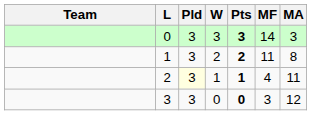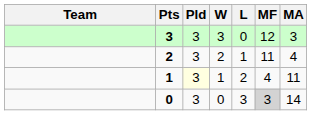 <table class=wikitable style="text-align:center">
 <tr>
 <th width=175>Team</th>
-<th width=20>L</th>
+<th width=20>Pts</th>
 <th width=20>Pld</th>
 <th width=20>W</th>
-<th width=20>Pts</th>
+<th width=20>L</th>
 <th width=20>MF</th>
 <th width=20>MA</th>
 </tr>
 <tr bgcolor=#ccffcc>
 <td style="text-align:left"></td>
-<td>0</td>
+<td><strong>3</strong></td>
 <td>3</td>
 <td>3</td>
-<td><strong>3</strong></td>
-<td>14</td>
+<td>0</td>
+<td>12</td>
 <td>3</td>
 </tr>
 <tr>
 <td style="text-align:left"></td>
-<td>1</td>
+<td><strong>2</strong></td>
 <td>3</td>
 <td>2</td>
-<td><strong>2</strong></td>
+<td>1</td>
 <td>11</td>
-<td>8</td>
+<td>4</td>
 </tr>
 <tr>
 <td style="text-align:left"></td>
-<td>2</td>
+<td><strong>1</strong></td>
 <td style="background: lightyellow;">3</td>
 <td>1</td>
-<td><strong>1</strong></td>
+<td>2</td>
 <td>4</td>
 <td>11</td>
 </tr>
 <tr>
 <td style="text-align:left"></td>
-<td>3</td>
+<td><strong>0</strong></td>
 <td>3</td>
 <td>0</td>
-<td><strong>0</strong></td>
 <td>3</td>
-<td>12</td>
+<td style="background: lightgrey;">3</td>
+<td>14</td>
 </tr>
 </table>
